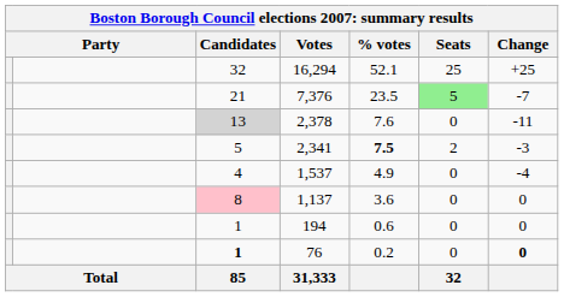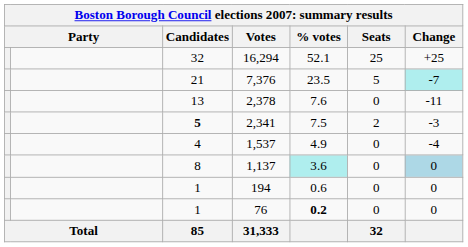 <table class="wikitable" style="font-size: 95%;">
 <tr style="background-color:#E9E9E9">
 <th colspan="7"><a href='#'>Boston Borough Council</a> elections 2007: summary results</th>
 </tr>
 <tr style="background-color:#E9E9E9">
 <th colspan="2">Party</th>
 <th style="width: 60px">Candidates</th>
 <th style="width: 60px">Votes</th>
 <th style="width: 60px">% votes</th>
 <th style="width: 60px">Seats</th>
 <th style="width: 60px">Change</th>
 </tr>
 <tr>
 <th style="background-color: "></th>
 <td style="width: 170px"><a href='#'></a></td>
 <td align="center">32</td>
 <td align="center">16,294</td>
 <td align="center">52.1</td>
 <td align="center">25</td>
 <td align="center">+25</td>
 </tr>
 <tr>
 <th style="background-color: "></th>
 <td style="width: 170px"><a href='#'></a></td>
 <td align="center">21</td>
 <td align="center">7,376</td>
 <td align="center">23.5</td>
-<td align="center" style="background: lightgreen;">5</td>
-<td align="center">-7</td>
+<td align="center">5</td>
+<td align="center" style="background: paleturquoise;">-7</td>
 </tr>
 <tr>
 <th style="background-color: "></th>
 <td style="width: 170px"><a href='#'></a></td>
-<td align="center" style="background: lightgrey;">13</td>
+<td align="center">13</td>
 <td align="center">2,378</td>
 <td align="center">7.6</td>
 <td align="center">0</td>
 <td align="center">-11</td>
 </tr>
 <tr>
 <th style="background-color: "></th>
 <td style="width: 170px"><a href='#'></a></td>
-<td align="center">5</td>
+<td align="center"><strong>5</strong></td>
 <td align="center">2,341</td>
-<td align="center"><strong>7.5</strong></td>
+<td align="center">7.5</td>
 <td align="center">2</td>
 <td align="center">-3</td>
 </tr>
 <tr>
 <th style="background-color: "></th>
 <td style="width: 170px"><a href='#'></a></td>
 <td align="center">4</td>
 <td align="center">1,537</td>
 <td align="center">4.9</td>
 <td align="center">0</td>
 <td align="center">-4</td>
 </tr>
 <tr>
 <th style="background-color: "></th>
 <td style="width: 170px"><a href='#'></a></td>
-<td align="center" style="background: pink;">8</td>
+<td align="center">8</td>
 <td align="center">1,137</td>
-<td align="center">3.6</td>
+<td align="center" style="background: paleturquoise;">3.6</td>
 <td align="center">0</td>
-<td align="center">0</td>
+<td align="center" style="background: lightblue;">0</td>
 </tr>
 <tr>
 <th style="background-color: "></th>
 <td style="width: 170px"><a href='#'></a></td>
 <td align="center">1</td>
 <td align="center">194</td>
 <td align="center">0.6</td>
 <td align="center">0</td>
 <td align="center">0</td>
 </tr>
 <tr>
 <th style="background-color: "></th>
 <td style="width: 170px"><a href='#'></a></td>
-<td align="center"><strong>1</strong></td>
+<td align="center">1</td>
 <td align="center">76</td>
-<td align="center">0.2</td>
+<td align="center"><strong>0.2</strong></td>
 <td align="center">0</td>
-<td align="center"><strong>0</strong></td>
+<td align="center">0</td>
 </tr>
 <tr style="background-color:#E9E9E9">
 <th colspan="2">Total</th>
 <th style="width: 60px">85</th>
 <th style="width: 60px">31,333</th>
 <th style="width: 60px"></th>
 <th style="width: 60px">32</th>
 <th style="width: 60px"></th>
 </tr>
 </table>
